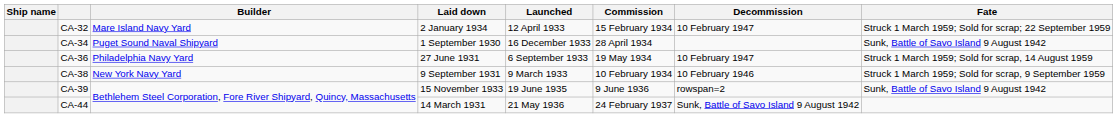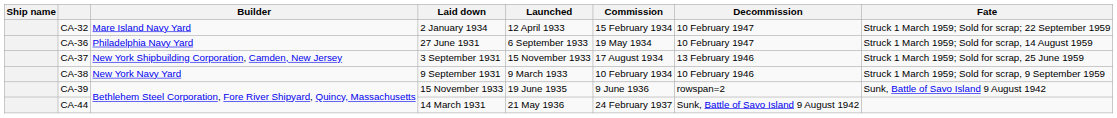 <table class="sortable wikitable plainrowheaders">
 <tr>
 <th scope="col">Ship name</th>
 <th scope="col"></th>
 <th scope="col">Builder</th>
 <th scope="col">Laid down</th>
 <th scope="col">Launched</th>
 <th scope="col">Commission</th>
 <th scope="col">Decommission</th>
 <th scope="col">Fate</th>
 </tr>
 <tr>
 <th scope="row"></th>
 <td>CA-32</td>
 <td><a href='#'>Mare Island Navy Yard</a></td>
 <td>2 January 1934</td>
 <td>12 April 1933</td>
 <td>15 February 1934</td>
 <td>10 February 1947</td>
 <td>Struck 1 March 1959; Sold for scrap; 22 September 1959</td>
 </tr>
 <tr>
 <th scope="row"></th>
-<td>CA-34</td>
-<td><a href='#'>Puget Sound Naval Shipyard</a></td>
-<td>1 September 1930</td>
-<td>16 December 1933</td>
-<td>28 April 1934</td>
-<td></td>
-<td>Sunk, <a href='#'>Battle of Savo Island</a> 9 August 1942</td>
-</tr>
-<tr>
-<th scope="row"></th>
 <td>CA-36</td>
 <td><a href='#'>Philadelphia Navy Yard</a></td>
 <td>27 June 1931</td>
 <td>6 September 1933</td>
 <td>19 May 1934</td>
 <td>10 February 1947</td>
 <td>Struck 1 March 1959; Sold for scrap, 14 August 1959</td>
+</tr>
+<tr>
+<th scope="row"></th>
+<td>CA-37</td>
+<td><a href='#'>New York Shipbuilding Corporation</a>, <a href='#'>Camden, New Jersey</a></td>
+<td>3 September 1931</td>
+<td>15 November 1933</td>
+<td>17 August 1934</td>
+<td>13 February 1946</td>
+<td>Struck 1 March 1959; Sold for scrap, 25 June 1959</td>
 </tr>
 <tr>
 <th scope="row"></th>
 <td>CA-38</td>
 <td><a href='#'>New York Navy Yard</a></td>
 <td>9 September 1931</td>
 <td>9 March 1933</td>
 <td>10 February 1934</td>
 <td>10 February 1946</td>
 <td>Struck 1 March 1959; Sold for scrap, 9 September 1959</td>
 </tr>
 <tr>
 <th scope="row"></th>
 <td>CA-39</td>
 <td rowspan=2><a href='#'>Bethlehem Steel Corporation</a>, <a href='#'>Fore River Shipyard</a>, <a href='#'>Quincy, Massachusetts</a></td>
 <td>15 November 1933</td>
 <td>19 June 1935</td>
 <td>9 June 1936</td>
 <td>rowspan=2 </td>
 <td>Sunk, <a href='#'>Battle of Savo Island</a> 9 August 1942</td>
 </tr>
 <tr>
 <th scope="row"></th>
 <td>CA-44</td>
 <td>14 March 1931</td>
 <td>21 May 1936</td>
 <td>24 February 1937</td>
 <td>Sunk, <a href='#'>Battle of Savo Island</a> 9 August 1942</td>
 </tr>
 </table>
